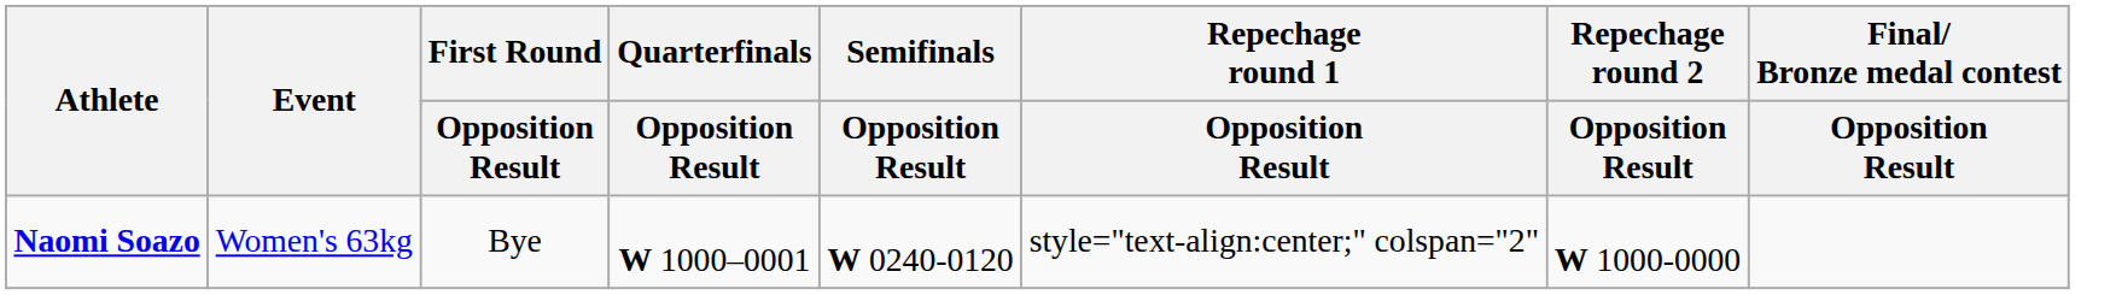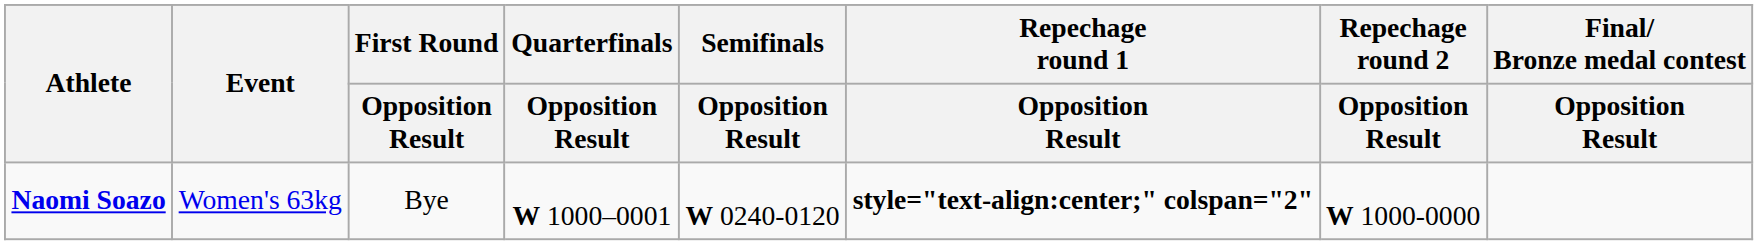 <table class= wikitable style="font-size:90%">
 <tr>
 <th rowspan="2">Athlete</th>
 <th rowspan="2">Event</th>
 <th>First Round</th>
 <th>Quarterfinals</th>
 <th>Semifinals</th>
 <th>Repechage <br>round 1</th>
 <th>Repechage <br>round 2</th>
 <th>Final/<br>Bronze medal contest</th>
 </tr>
 <tr>
 <th>Opposition<br>Result</th>
 <th>Opposition<br>Result</th>
 <th>Opposition<br>Result</th>
 <th>Opposition<br>Result</th>
 <th>Opposition<br>Result</th>
 <th>Opposition<br>Result</th>
 </tr>
 <tr>
 <td><strong><a href='#'>Naomi Soazo</a></strong></td>
 <td style="text-align:center;"><a href='#'>Women's 63kg</a></td>
 <td style="text-align:center;">Bye</td>
 <td style="text-align:center;"><br> <strong>W</strong> 1000–0001</td>
 <td style="text-align:center;"><br> <strong>W</strong> 0240-0120</td>
-<td>style="text-align:center;" colspan="2" </td>
+<td><strong>style="text-align:center;" colspan="2" </strong></td>
 <td style="text-align:center;"><br> <strong>W</strong> 1000-0000 </td>
 </tr>
 </table>
